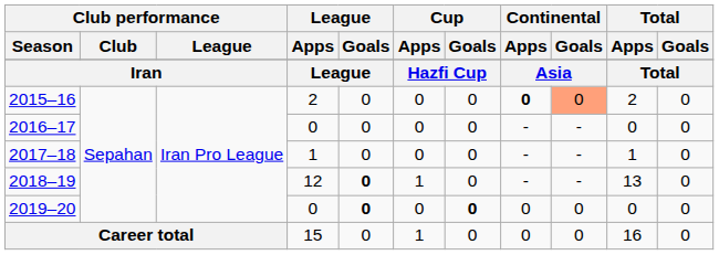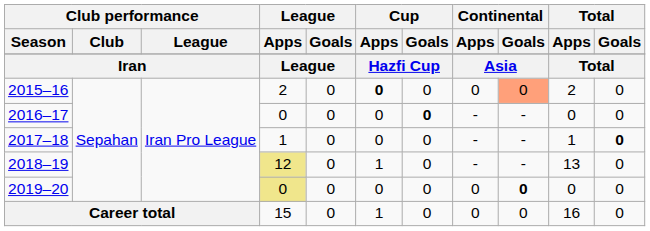 <table class="wikitable" style="text-align:center">
 <tr>
 <th colspan=3>Club performance</th>
 <th colspan=2>League</th>
 <th colspan=2>Cup</th>
 <th colspan=2>Continental</th>
 <th colspan=2>Total</th>
 </tr>
 <tr>
 <th>Season</th>
 <th>Club</th>
 <th>League</th>
 <th>Apps</th>
 <th>Goals</th>
 <th>Apps</th>
 <th>Goals</th>
 <th>Apps</th>
 <th>Goals</th>
 <th>Apps</th>
 <th>Goals</th>
 </tr>
 <tr>
 </tr>
 <tr>
 <th colspan=3>Iran</th>
 <th colspan=2>League</th>
 <th colspan=2><a href='#'>Hazfi Cup</a></th>
 <th colspan=2><a href='#'>Asia</a></th>
 <th colspan=2>Total</th>
 </tr>
 <tr>
 <td><a href='#'>2015–16</a></td>
 <td rowspan="5"><a href='#'>Sepahan</a></td>
 <td rowspan="5"><a href='#'>Iran Pro League</a></td>
 <td>2</td>
 <td>0</td>
+<td><strong>0</strong></td>
 <td>0</td>
 <td>0</td>
-<td><strong>0</strong></td>
 <td style="background: lightsalmon;">0</td>
 <td>2</td>
 <td>0</td>
 </tr>
 <tr>
 <td><a href='#'>2016–17</a></td>
 <td>0</td>
 <td>0</td>
 <td>0</td>
-<td>0</td>
+<td><strong>0</strong></td>
 <td>-</td>
 <td>-</td>
 <td>0</td>
 <td>0</td>
 </tr>
 <tr>
 <td><a href='#'>2017–18</a></td>
 <td>1</td>
 <td>0</td>
 <td>0</td>
 <td>0</td>
 <td>-</td>
 <td>-</td>
 <td>1</td>
-<td>0</td>
+<td><strong>0</strong></td>
 </tr>
 <tr>
 <td><a href='#'>2018–19</a></td>
-<td>12</td>
-<td><strong>0</strong></td>
+<td style="background: khaki;">12</td>
+<td>0</td>
 <td>1</td>
 <td>0</td>
 <td>-</td>
 <td>-</td>
 <td>13</td>
 <td>0</td>
 </tr>
 <tr>
 <td><a href='#'>2019–20</a></td>
+<td style="background: khaki;">0</td>
+<td>0</td>
+<td>0</td>
+<td>0</td>
 <td>0</td>
 <td><strong>0</strong></td>
-<td>0</td>
-<td><strong>0</strong></td>
-<td>0</td>
-<td>0</td>
 <td>0</td>
 <td>0</td>
 </tr>
 <tr>
 <th colspan=3>Career total</th>
 <td>15</td>
 <td>0</td>
 <td>1</td>
 <td>0</td>
 <td>0</td>
 <td>0</td>
 <td>16</td>
 <td>0</td>
 </tr>
 </table>
